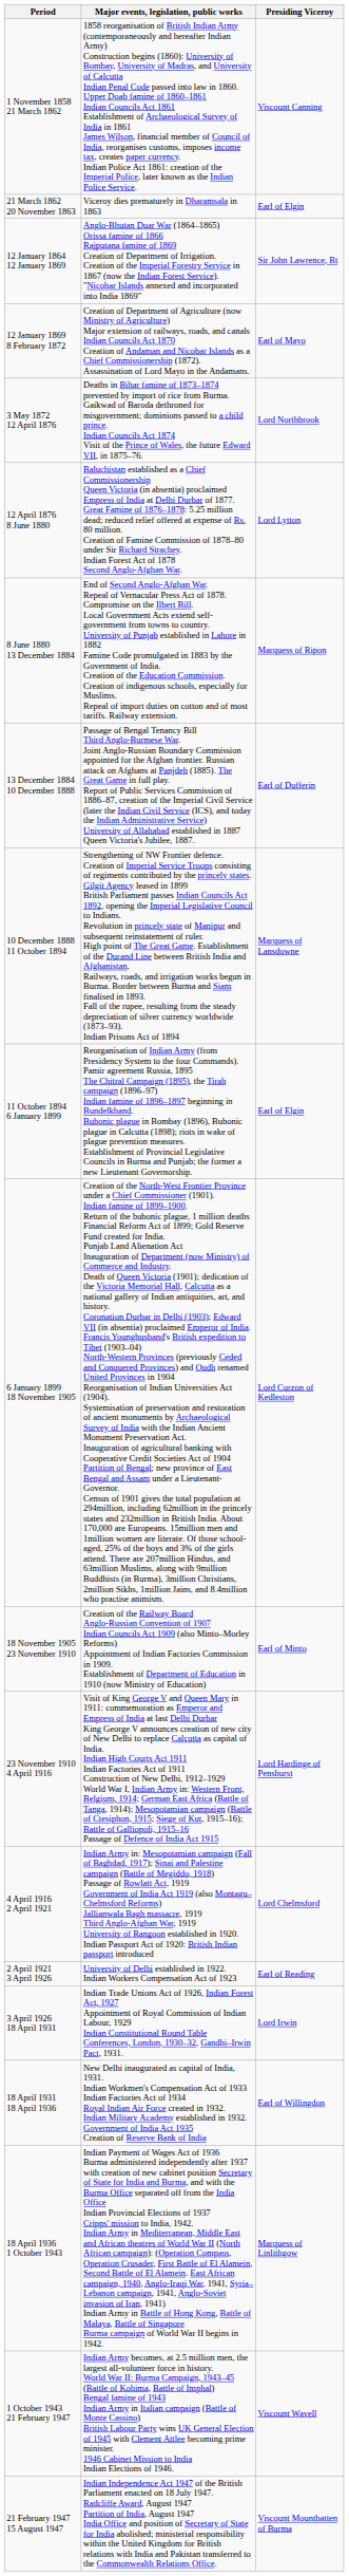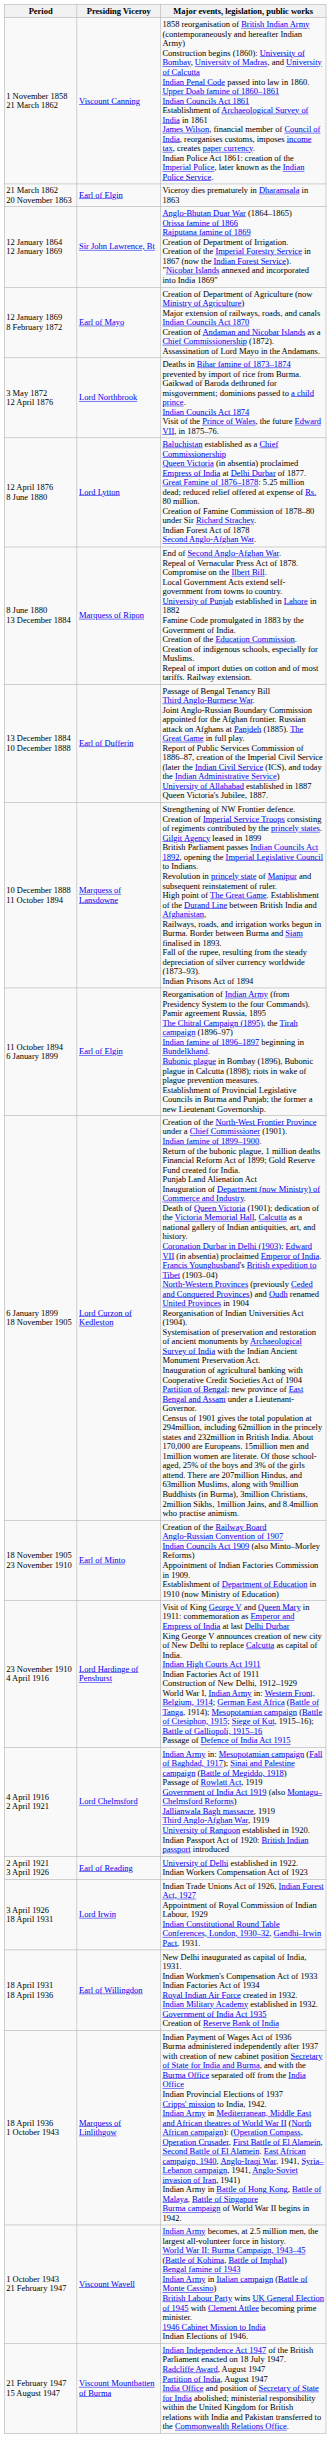 <table class="wikitable">
 <tr style="vertical-align:bottom;">
 <th width=130pt>Period</th>
+<th width=150pt>Presiding Viceroy</th>
 <th>Major events, legislation, public works</th>
-<th width=150pt>Presiding Viceroy</th>
 </tr>
 <tr>
 <td>1 November 1858<br>21 March 1862</td>
+<td><a href='#'>Viscount Canning</a></td>
 <td>1858 reorganisation of <a href='#'>British Indian Army</a> (contemporaneously and hereafter Indian Army) <br> Construction begins (1860): <a href='#'>University of Bombay</a>, <a href='#'>University of Madras</a>, and <a href='#'>University of Calcutta</a> <br> <a href='#'>Indian Penal Code</a> passed into law in 1860.<br> <a href='#'>Upper Doab famine of 1860–1861</a> <br> <a href='#'>Indian Councils Act 1861</a> <br> Establishment of <a href='#'>Archaeological Survey of India</a> in 1861 <br> <a href='#'>James Wilson</a>, financial member of <a href='#'>Council of India</a>, reorganises customs, imposes <a href='#'>income tax</a>, creates <a href='#'>paper currency</a>. <br> Indian Police Act 1861: creation of the <a href='#'>Imperial Police</a>, later known as the <a href='#'>Indian Police Service</a>.</td>
-<td><a href='#'>Viscount Canning</a></td>
 </tr>
 <tr>
 <td>21 March 1862<br>20 November 1863</td>
+<td><a href='#'>Earl of Elgin</a></td>
 <td>Viceroy dies prematurely in <a href='#'>Dharamsala</a> in 1863</td>
-<td><a href='#'>Earl of Elgin</a></td>
 </tr>
 <tr>
 <td>12 January 1864<br>12 January 1869</td>
+<td><a href='#'>Sir John Lawrence, Bt</a></td>
 <td><a href='#'>Anglo-Bhutan Duar War</a> (1864–1865)<br> <a href='#'>Orissa famine of 1866</a> <br> <a href='#'>Rajputana famine of 1869</a><br> Creation of Department of Irrigation. <br> Creation of the <a href='#'>Imperial Forestry Service</a> in 1867 (now the <a href='#'>Indian Forest Service</a>).<br> "<a href='#'>Nicobar Islands</a> annexed and incorporated into India 1869"</td>
-<td><a href='#'>Sir John Lawrence, Bt</a></td>
 </tr>
 <tr>
 <td>12 January 1869<br>8 February 1872</td>
+<td><a href='#'>Earl of Mayo</a></td>
 <td>Creation of Department of Agriculture (now <a href='#'>Ministry of Agriculture</a>) <br> Major extension of railways, roads, and canals <br> <a href='#'>Indian Councils Act 1870</a> <br> Creation of <a href='#'>Andaman and Nicobar Islands</a> as a <a href='#'>Chief Commissionership</a> (1872). <br>Assassination of Lord Mayo in the Andamans.</td>
-<td><a href='#'>Earl of Mayo</a></td>
 </tr>
 <tr>
 <td>3 May 1872<br>12 April 1876</td>
+<td><a href='#'>Lord Northbrook</a></td>
 <td>Deaths in <a href='#'>Bihar famine of 1873–1874</a> prevented by import of rice from Burma.<br> Gaikwad of Baroda dethroned for misgovernment; dominions passed to <a href='#'>a child prince</a>.<br> <a href='#'>Indian Councils Act 1874</a> <br> Visit of the <a href='#'>Prince of Wales</a>, the future <a href='#'>Edward VII</a>, in 1875–76.</td>
-<td><a href='#'>Lord Northbrook</a></td>
 </tr>
 <tr>
 <td>12 April 1876<br>8 June 1880</td>
+<td><a href='#'>Lord Lytton</a></td>
 <td><a href='#'>Baluchistan</a> established as a <a href='#'>Chief Commissionership</a><br> <a href='#'>Queen Victoria</a> (in absentia) proclaimed <a href='#'>Empress of India</a> at <a href='#'>Delhi Durbar</a> of 1877. <br> <a href='#'>Great Famine of 1876–1878</a>: 5.25 million dead; reduced relief offered at expense of <a href='#'>Rs.</a> 80 million.<br> Creation of Famine Commission of 1878–80 under Sir <a href='#'>Richard Strachey</a>. <br> Indian Forest Act of 1878 <br> <a href='#'>Second Anglo-Afghan War</a>.</td>
-<td><a href='#'>Lord Lytton</a></td>
 </tr>
 <tr>
 <td>8 June 1880<br>13 December 1884</td>
+<td><a href='#'>Marquess of Ripon</a></td>
 <td>End of <a href='#'>Second Anglo-Afghan War</a>. <br> Repeal of Vernacular Press Act of 1878. Compromise on the <a href='#'>Ilbert Bill</a>.<br> Local Government Acts extend self-government from towns to country. <br> <a href='#'>University of Punjab</a> established in <a href='#'>Lahore</a> in 1882 <br> Famine Code promulgated in 1883 by the Government of India. <br> Creation of the <a href='#'>Education Commission</a>. Creation of indigenous schools, especially for Muslims. <br> Repeal of import duties on cotton and of most tariffs. Railway extension.</td>
-<td><a href='#'>Marquess of Ripon</a></td>
 </tr>
 <tr>
 <td>13 December 1884<br>10 December 1888</td>
+<td><a href='#'>Earl of Dufferin</a></td>
 <td>Passage of Bengal Tenancy Bill <br> <a href='#'>Third Anglo-Burmese War</a>. <br> Joint Anglo-Russian Boundary Commission appointed for the Afghan frontier. Russian attack on Afghans at <a href='#'>Panjdeh</a> (1885). <a href='#'>The Great Game</a> in full play. <br> Report of Public Services Commission of 1886–87, creation of the Imperial Civil Service (later the <a href='#'>Indian Civil Service</a> (ICS), and today the <a href='#'>Indian Administrative Service</a>) <br> <a href='#'>University of Allahabad</a> established in 1887 <br> Queen Victoria's Jubilee, 1887.</td>
-<td><a href='#'>Earl of Dufferin</a></td>
 </tr>
 <tr>
 <td>10 December 1888<br>11 October 1894</td>
+<td><a href='#'>Marquess of Lansdowne</a></td>
 <td>Strengthening of NW Frontier defence. Creation of <a href='#'>Imperial Service Troops</a> consisting of regiments contributed by the <a href='#'>princely states</a>. <br> <a href='#'>Gilgit Agency</a> leased in 1899 <br> British Parliament passes <a href='#'>Indian Councils Act 1892</a>, opening the <a href='#'>Imperial Legislative Council</a> to Indians. <br> Revolution in <a href='#'>princely state</a> of <a href='#'>Manipur</a> and subsequent reinstatement of ruler. <br> High point of <a href='#'>The Great Game</a>. Establishment of the <a href='#'>Durand Line</a> between British India and <a href='#'>Afghanistan</a>, <br> Railways, roads, and irrigation works begun in Burma. Border between Burma and <a href='#'>Siam</a> finalised in 1893. <br> Fall of the rupee, resulting from the steady depreciation of silver currency worldwide (1873–93). <br> Indian Prisons Act of 1894</td>
-<td><a href='#'>Marquess of Lansdowne</a></td>
 </tr>
 <tr>
 <td>11 October 1894<br>6 January 1899</td>
+<td><a href='#'>Earl of Elgin</a></td>
 <td>Reorganisation of <a href='#'>Indian Army</a> (from Presidency System to the four Commands). <br> Pamir agreement Russia, 1895 <br> <a href='#'>The Chitral Campaign (1895)</a>, the <a href='#'>Tirah campaign</a> (1896–97) <br> <a href='#'>Indian famine of 1896–1897</a> beginning in <a href='#'>Bundelkhand</a>. <br> <a href='#'>Bubonic plague</a> in Bombay (1896), Bubonic plague in Calcutta (1898); riots in wake of plague prevention measures. <br> Establishment of Provincial Legislative Councils in Burma and Punjab; the former a new Lieutenant Governorship.</td>
-<td><a href='#'>Earl of Elgin</a></td>
 </tr>
 <tr>
 <td>6 January 1899<br>18 November 1905</td>
+<td><a href='#'>Lord Curzon of Kedleston</a></td>
 <td>Creation of the <a href='#'>North-West Frontier Province</a> under a <a href='#'>Chief Commissioner</a> (1901). <br> <a href='#'>Indian famine of 1899–1900</a>. <br> Return of the bubonic plague, 1 million deaths<br> Financial Reform Act of 1899; Gold Reserve Fund created for India. <br> Punjab Land Alienation Act <br> Inauguration of <a href='#'>Department (now Ministry) of Commerce and Industry</a>.<br> Death of <a href='#'>Queen Victoria</a> (1901); dedication of the <a href='#'>Victoria Memorial Hall</a>, <a href='#'>Calcutta</a> as a national gallery of Indian antiquities, art, and history. <br> <a href='#'>Coronation Durbar in Delhi (1903)</a>; <a href='#'>Edward VII</a> (in absentia) proclaimed <a href='#'>Emperor of India</a>.<br> <a href='#'>Francis Younghusband</a>'s <a href='#'>British expedition to Tibet</a> (1903–04) <br> <a href='#'>North-Western Provinces</a> (previously <a href='#'>Ceded and Conquered Provinces</a>) and <a href='#'>Oudh</a> renamed <a href='#'>United Provinces</a> in 1904 <br> Reorganisation of Indian Universities Act (1904). <br> Systemisation of preservation and restoration of ancient monuments by <a href='#'>Archaeological Survey of India</a> with the Indian Ancient Monument Preservation Act. <br> Inauguration of agricultural banking with Cooperative Credit Societies Act of 1904 <br> <a href='#'>Partition of Bengal</a>; new province of <a href='#'>East Bengal and Assam</a> under a Lieutenant-Governor.<br> Census of 1901 gives the total population at 294million, including 62million in the princely states and 232million in British India. About 170,000 are Europeans. 15million men and 1million women are literate. Of those school-aged, 25% of the boys and 3% of the girls attend. There are 207million Hindus, and 63million Muslims, along with 9million Buddhists (in Burma), 3million Christians, 2million Sikhs, 1million Jains, and 8.4million who practise animism.</td>
-<td><a href='#'>Lord Curzon of Kedleston</a></td>
 </tr>
 <tr>
 <td>18 November 1905<br>23 November 1910</td>
+<td><a href='#'>Earl of Minto</a></td>
 <td>Creation of the <a href='#'>Railway Board</a> <br> <a href='#'>Anglo-Russian Convention of 1907</a> <br> <a href='#'>Indian Councils Act 1909</a> (also Minto–Morley Reforms) <br> Appointment of Indian Factories Commission in 1909.<br> Establishment of <a href='#'>Department of Education</a> in 1910 (now Ministry of Education)</td>
-<td><a href='#'>Earl of Minto</a></td>
 </tr>
 <tr>
 <td>23 November 1910<br>4 April 1916</td>
+<td><a href='#'>Lord Hardinge of Penshurst</a></td>
 <td>Visit of King <a href='#'>George V</a> and <a href='#'>Queen Mary</a> in 1911: commemoration as <a href='#'>Emperor and Empress of India</a> at last <a href='#'>Delhi Durbar</a><br> King George V announces creation of new city of New Delhi to replace <a href='#'>Calcutta</a> as capital of India.<br> <a href='#'>Indian High Courts Act 1911</a> <br> Indian Factories Act of 1911 <br> Construction of New Delhi, 1912–1929 <br> World War I, <a href='#'>Indian Army</a> in: <a href='#'>Western Front, Belgium, 1914</a>; <a href='#'>German East Africa</a> (<a href='#'>Battle of Tanga</a>, 1914); <a href='#'>Mesopotamian campaign</a> (<a href='#'>Battle of Ctesiphon, 1915</a>; <a href='#'>Siege of Kut</a>, 1915–16); <a href='#'>Battle of Galliopoli, 1915–16</a> <br> Passage of <a href='#'>Defence of India Act 1915</a></td>
-<td><a href='#'>Lord Hardinge of Penshurst</a></td>
 </tr>
 <tr>
 <td>4 April 1916<br>2 April 1921</td>
+<td><a href='#'>Lord Chelmsford</a></td>
 <td><a href='#'>Indian Army</a> in: <a href='#'>Mesopotamian campaign</a> (<a href='#'>Fall of Baghdad, 1917</a>); <a href='#'>Sinai and Palestine campaign</a> (<a href='#'>Battle of Megiddo, 1918</a>) <br> Passage of <a href='#'>Rowlatt Act</a>, 1919 <br> <a href='#'>Government of India Act 1919</a> (also <a href='#'>Montagu–Chelmsford Reforms</a>) <br> <a href='#'>Jallianwala Bagh massacre</a>, 1919 <br> <a href='#'>Third Anglo-Afghan War</a>, 1919 <br> <a href='#'>University of Rangoon</a> established in 1920. <br> Indian Passport Act of 1920: <a href='#'>British Indian passport</a> introduced</td>
-<td><a href='#'>Lord Chelmsford</a></td>
 </tr>
 <tr>
 <td>2 April 1921<br>3 April 1926</td>
+<td><a href='#'>Earl of Reading</a></td>
 <td><a href='#'>University of Delhi</a> established in 1922. <br> Indian Workers Compensation Act of 1923</td>
-<td><a href='#'>Earl of Reading</a></td>
 </tr>
 <tr>
 <td>3 April 1926<br>18 April 1931</td>
+<td><a href='#'>Lord Irwin</a></td>
 <td>Indian Trade Unions Act of 1926, <a href='#'>Indian Forest Act, 1927</a> <br> Appointment of Royal Commission of Indian Labour, 1929 <br> <a href='#'>Indian Constitutional Round Table Conferences, London, 1930–32</a>, <a href='#'>Gandhi–Irwin Pact</a>, 1931.</td>
-<td><a href='#'>Lord Irwin</a></td>
 </tr>
 <tr>
 <td>18 April 1931<br>18 April 1936</td>
+<td><a href='#'>Earl of Willingdon</a></td>
 <td>New Delhi inaugurated as capital of India, 1931.<br> Indian Workmen's Compensation Act of 1933 <br> Indian Factories Act of 1934 <br> <a href='#'>Royal Indian Air Force</a> created in 1932. <br> <a href='#'>Indian Military Academy</a> established in 1932. <br> <a href='#'>Government of India Act 1935</a> <br> Creation of <a href='#'>Reserve Bank of India</a></td>
-<td><a href='#'>Earl of Willingdon</a></td>
 </tr>
 <tr>
 <td>18 April 1936<br>1 October 1943</td>
+<td><a href='#'>Marquess of Linlithgow</a></td>
 <td>Indian Payment of Wages Act of 1936 <br> Burma administered independently after 1937 with creation of new cabinet position <a href='#'>Secretary of State for India and Burma</a>, and with the <a href='#'>Burma Office</a> separated off from the <a href='#'>India Office</a> <br> Indian Provincial Elections of 1937 <br> <a href='#'>Cripps' mission</a> to India, 1942.<br> <a href='#'>Indian Army</a> in <a href='#'>Mediterranean, Middle East and African theatres of World War II</a> (<a href='#'>North African campaign</a>): (<a href='#'>Operation Compass</a>, <a href='#'>Operation Crusader</a>, <a href='#'>First Battle of El Alamein</a>, <a href='#'>Second Battle of El Alamein</a>. <a href='#'>East African campaign, 1940</a>, <a href='#'>Anglo-Iraqi War</a>, 1941, <a href='#'>Syria–Lebanon campaign</a>, 1941, <a href='#'>Anglo-Soviet invasion of Iran</a>, 1941) <br> Indian Army in <a href='#'>Battle of Hong Kong</a>, <a href='#'>Battle of Malaya</a>, <a href='#'>Battle of Singapore</a><br> <a href='#'>Burma campaign</a> of World War II begins in 1942.</td>
-<td><a href='#'>Marquess of Linlithgow</a></td>
 </tr>
 <tr>
 <td>1 October 1943<br>21 February 1947</td>
+<td><a href='#'>Viscount Wavell</a></td>
 <td><a href='#'>Indian Army</a> becomes, at 2.5 million men, the largest all-volunteer force in history.<br> <a href='#'>World War II: Burma Campaign, 1943–45</a> (<a href='#'>Battle of Kohima</a>, <a href='#'>Battle of Imphal</a>) <br> <a href='#'>Bengal famine of 1943</a> <br> <a href='#'>Indian Army</a> in <a href='#'>Italian campaign</a> (<a href='#'>Battle of Monte Cassino</a>) <br> <a href='#'>British Labour Party</a> wins <a href='#'>UK General Election of 1945</a> with <a href='#'>Clement Attlee</a> becoming prime minister.<br> <a href='#'>1946 Cabinet Mission to India</a> <br> Indian Elections of 1946.</td>
-<td><a href='#'>Viscount Wavell</a></td>
 </tr>
 <tr>
 <td>21 February 1947<br>15 August 1947</td>
+<td><a href='#'>Viscount Mountbatten of Burma</a></td>
 <td><a href='#'>Indian Independence Act 1947</a> of the British Parliament enacted on 18 July 1947. <br> <a href='#'>Radcliffe Award</a>, August 1947 <br> <a href='#'>Partition of India</a>, August 1947 <br> <a href='#'>India Office</a> and position of <a href='#'>Secretary of State for India</a> abolished; ministerial responsibility within the United Kingdom for British relations with India and Pakistan transferred to the <a href='#'>Commonwealth Relations Office</a>.</td>
-<td><a href='#'>Viscount Mountbatten of Burma</a></td>
 </tr>
 </table>
